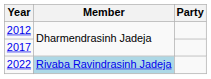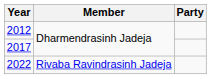 <table class="wikitable sortable">
 <tr>
 <th>Year</th>
 <th>Member</th>
 <th colspan="2">Party</th>
 </tr>
 <tr>
 <td><a href='#'>2012</a></td>
 <td rowspan="2">Dharmendrasinh Jadeja</td>
 <td></td>
 </tr>
 <tr>
 <td><a href='#'>2017</a></td>
 <td></td>
 </tr>
 <tr>
 <td><a href='#'>2022</a></td>
-<td style="background: lightblue;"><a href='#'>Rivaba Ravindrasinh Jadeja</a></td>
+<td><a href='#'>Rivaba Ravindrasinh Jadeja</a></td>
 </tr>
 </table>
